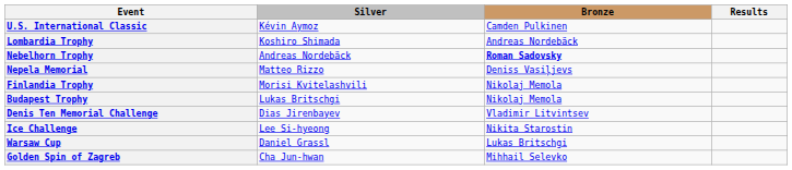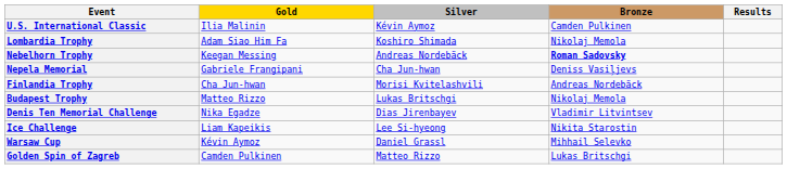 <table class="wikitable unsortable" style="text-align:left; width:90%;">
 <tr>
 <th scope="col" style="text-align:center; width:25%;">Event</th>
+<td scope="col" style="text-align:center; width:22.5%; background:gold"><strong>Gold</strong></td>
 <td scope="col" style="text-align:center; width:22.5%; background:silver"><strong>Silver</strong></td>
 <td scope="col" style="text-align:center; width:22.5%; background:#c96"><strong>Bronze</strong></td>
 <th scope="col" style="text-align:center; width:7.5%;">Results</th>
 </tr>
 <tr>
 <th scope="row" style="text-align:left"> <a href='#'>U.S. International Classic</a></th>
+<td> <a href='#'>Ilia Malinin</a></td>
 <td> <a href='#'>Kévin Aymoz</a></td>
 <td> <a href='#'>Camden Pulkinen</a></td>
 <td></td>
 </tr>
 <tr>
 <th scope="row" style="text-align:left"> <a href='#'>Lombardia Trophy</a></th>
+<td> <a href='#'>Adam Siao Him Fa</a></td>
 <td> <a href='#'>Koshiro Shimada</a></td>
-<td> <a href='#'>Andreas Nordebäck</a></td>
+<td> <a href='#'>Nikolaj Memola</a></td>
 <td></td>
 </tr>
 <tr>
 <th scope="row" style="text-align:left"> <a href='#'>Nebelhorn Trophy</a></th>
+<td> <a href='#'>Keegan Messing</a></td>
 <td> <a href='#'>Andreas Nordebäck</a></td>
 <td><strong> <a href='#'>Roman Sadovsky</a></strong></td>
 <td></td>
 </tr>
 <tr>
 <th scope="row" style="text-align:left"> <a href='#'>Nepela Memorial</a></th>
-<td> <a href='#'>Matteo Rizzo</a></td>
+<td> <a href='#'>Gabriele Frangipani</a></td>
+<td> <a href='#'>Cha Jun-hwan</a></td>
 <td> <a href='#'>Deniss Vasiļjevs</a></td>
 <td></td>
 </tr>
 <tr>
 <th scope="row" style="text-align:left"> <a href='#'>Finlandia Trophy</a></th>
+<td> <a href='#'>Cha Jun-hwan</a></td>
 <td> <a href='#'>Morisi Kvitelashvili</a></td>
-<td> <a href='#'>Nikolaj Memola</a></td>
+<td> <a href='#'>Andreas Nordebäck</a></td>
 <td></td>
 </tr>
 <tr>
 <th scope="row" style="text-align:left"> <a href='#'>Budapest Trophy</a></th>
+<td> <a href='#'>Matteo Rizzo</a></td>
 <td> <a href='#'>Lukas Britschgi</a></td>
 <td> <a href='#'>Nikolaj Memola</a></td>
 <td></td>
 </tr>
 <tr>
 <th scope="row" style="text-align:left"> <a href='#'>Denis Ten Memorial Challenge</a></th>
+<td> <a href='#'>Nika Egadze</a></td>
 <td> <a href='#'>Dias Jirenbayev</a></td>
 <td> <a href='#'>Vladimir Litvintsev</a></td>
 <td></td>
 </tr>
 <tr>
 <th scope="row" style="text-align:left"> <a href='#'>Ice Challenge</a></th>
+<td> <a href='#'>Liam Kapeikis</a></td>
 <td> <a href='#'>Lee Si-hyeong</a></td>
 <td> <a href='#'>Nikita Starostin</a></td>
 <td></td>
 </tr>
 <tr>
 <th scope="row" style="text-align:left"> <a href='#'>Warsaw Cup</a></th>
+<td> <a href='#'>Kévin Aymoz</a></td>
 <td> <a href='#'>Daniel Grassl</a></td>
-<td> <a href='#'>Lukas Britschgi</a></td>
+<td> <a href='#'>Mihhail Selevko</a></td>
 <td></td>
 </tr>
 <tr>
 <th scope="row" style="text-align:left"> <a href='#'>Golden Spin of Zagreb</a></th>
-<td> <a href='#'>Cha Jun-hwan</a></td>
-<td> <a href='#'>Mihhail Selevko</a></td>
+<td> <a href='#'>Camden Pulkinen</a></td>
+<td> <a href='#'>Matteo Rizzo</a></td>
+<td> <a href='#'>Lukas Britschgi</a></td>
 <td></td>
 </tr>
 </table>
